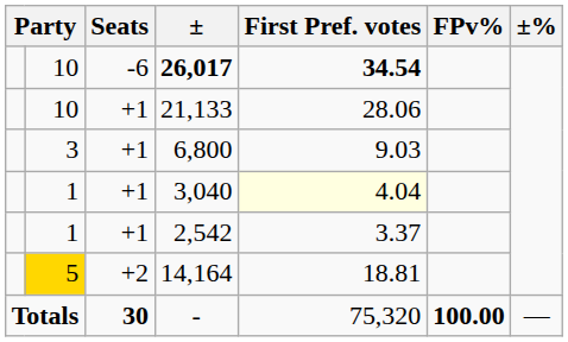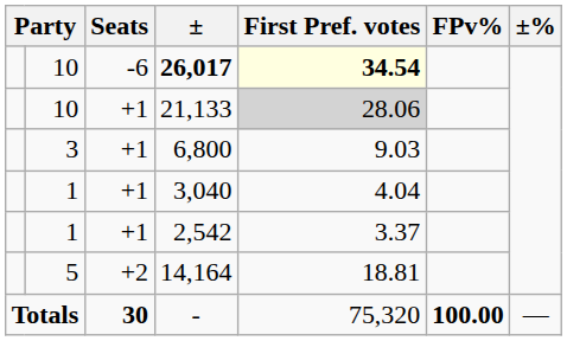 <table class=wikitable>
 <tr>
 <th colspan=2 align=center>Party</th>
 <th valign=top>Seats</th>
 <th valign=top>±</th>
 <th valign=top>First Pref. votes</th>
 <th valign=top>FPv%</th>
 <th valign=top>±%</th>
 </tr>
 <tr>
 <td></td>
 <td align=right>10</td>
 <td align=right>-6</td>
 <td align=right><strong>26,017</strong></td>
-<td align=right><strong>34.54</strong></td>
+<td align=right style="background: lightyellow;"><strong>34.54</strong></td>
 <td align=right></td>
 </tr>
 <tr>
 <td></td>
 <td align=right>10</td>
 <td align=right>+1</td>
 <td align=right>21,133</td>
-<td align=right>28.06</td>
+<td align=right style="background: lightgrey;">28.06</td>
 <td align=right></td>
 </tr>
 <tr>
 <td></td>
 <td align=right>3</td>
 <td align=right>+1</td>
 <td align=right>6,800</td>
 <td align=right>9.03</td>
 <td align=right></td>
 </tr>
 <tr>
 <td></td>
 <td align=right>1</td>
 <td align=right>+1</td>
 <td align=right>3,040</td>
-<td align=right style="background: lightyellow;">4.04</td>
+<td align=right>4.04</td>
 <td align=right></td>
 </tr>
 <tr>
 <td></td>
 <td align=right>1</td>
 <td align=right>+1</td>
 <td align=right>2,542</td>
 <td align=right>3.37</td>
 <td align=right></td>
 </tr>
 <tr>
 <td></td>
-<td align=right style="background: gold;">5</td>
+<td align=right>5</td>
 <td align=right>+2</td>
 <td align=right>14,164</td>
 <td align=right>18.81</td>
 <td align=right></td>
 </tr>
 <tr>
 <td colspan=2 align=center><strong>Totals</strong></td>
 <td align=right><strong>30</strong></td>
 <td align=center>-</td>
 <td align=right>75,320</td>
 <td align=center><strong>100.00</strong></td>
 <td align=center>—</td>
 </tr>
 </table>
